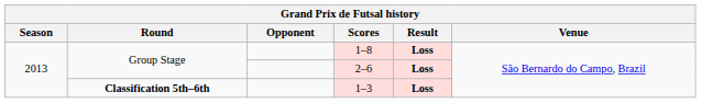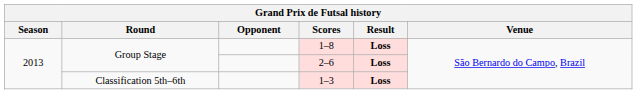 <table class="wikitable collapsible collapsed" style="text-align:center; font-size:90%; width:70%;">
 <tr>
 <th colspan="6">Grand Prix de Futsal history</th>
 </tr>
 <tr>
 <th>Season</th>
 <th>Round</th>
 <th>Opponent</th>
 <th>Scores</th>
 <th>Result</th>
 <th>Venue</th>
 </tr>
 <tr>
 <td rowspan=3>2013</td>
 <td rowspan=2>Group Stage</td>
 <td style="text-align:left"></td>
 <td style="background:#fdd;">1–8</td>
 <td style="background:#fdd;"><strong>Loss</strong></td>
 <td rowspan=6> <a href='#'>São Bernardo do Campo</a>, <a href='#'>Brazil</a></td>
 </tr>
 <tr>
 <td style="text-align:left"></td>
 <td style="background:#fdd;">2–6</td>
 <td style="background:#fdd;"><strong>Loss</strong></td>
 </tr>
 <tr>
-<td><strong>Classification 5th–6th</strong></td>
+<td>Classification 5th–6th</td>
 <td style="text-align:left"></td>
 <td style="background:#fdd;">1–3</td>
 <td style="background:#fdd;"><strong>Loss</strong></td>
 </tr>
 </table>
